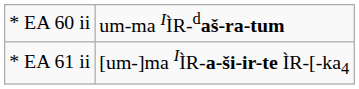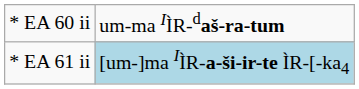 <table class="wikitable">
 <tr>
 <td>* EA 60 ii</td>
 <td>um-ma <em><sup>I</sup></em>ÌR-<sup>d</sup><strong>aš-ra-tum</strong></td>
 </tr>
 <tr>
 <td>* EA 61 ii</td>
-<td>[um-]ma <em><sup>I</sup></em>ÌR-<strong>a-ši-ir-te</strong> ÌR-[-ka<sub>4</sub></td>
+<td style="background: lightblue;">[um-]ma <em><sup>I</sup></em>ÌR-<strong>a-ši-ir-te</strong> ÌR-[-ka<sub>4</sub></td>
 </tr>
 </table>
